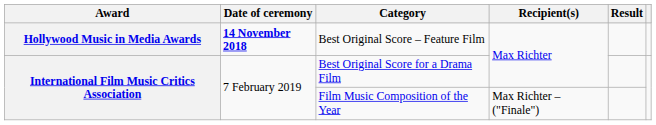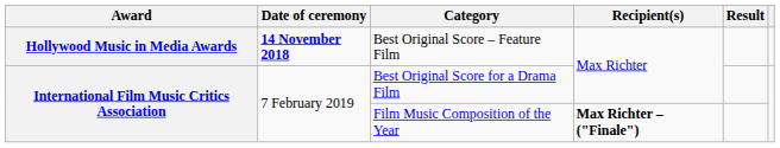 <table class="wikitable plainrowheaders sortable" style="width:99%;">
 <tr style="background:#ccc; text-align:center;">
 <th scope="col">Award</th>
 <th scope="col">Date of ceremony</th>
 <th scope="col">Category</th>
 <th scope="col">Recipient(s)</th>
 <th scope="col">Result</th>
 <th scope="col" class="unsortable"></th>
 </tr>
 <tr>
 <th scope="row"><a href='#'>Hollywood Music in Media Awards</a></th>
 <td><strong><a href='#'>14 November 2018</a></strong></td>
 <td>Best Original Score – Feature Film</td>
 <td rowspan="2"><a href='#'>Max Richter</a></td>
 <td></td>
 <td style="text-align:center;"></td>
 </tr>
 <tr>
 <th rowspan="2" scope="row"><a href='#'>International Film Music Critics Association</a></th>
 <td rowspan="2">7 February 2019</td>
 <td><a href='#'>Best Original Score for a Drama Film</a></td>
 <td></td>
 <td rowspan="2" style="text-align:center;"><br></td>
 </tr>
 <tr>
 <td><a href='#'>Film Music Composition of the Year</a></td>
-<td>Max Richter – ("Finale")</td>
+<td><strong>Max Richter – ("Finale")</strong></td>
 <td></td>
 </tr>
 </table>
